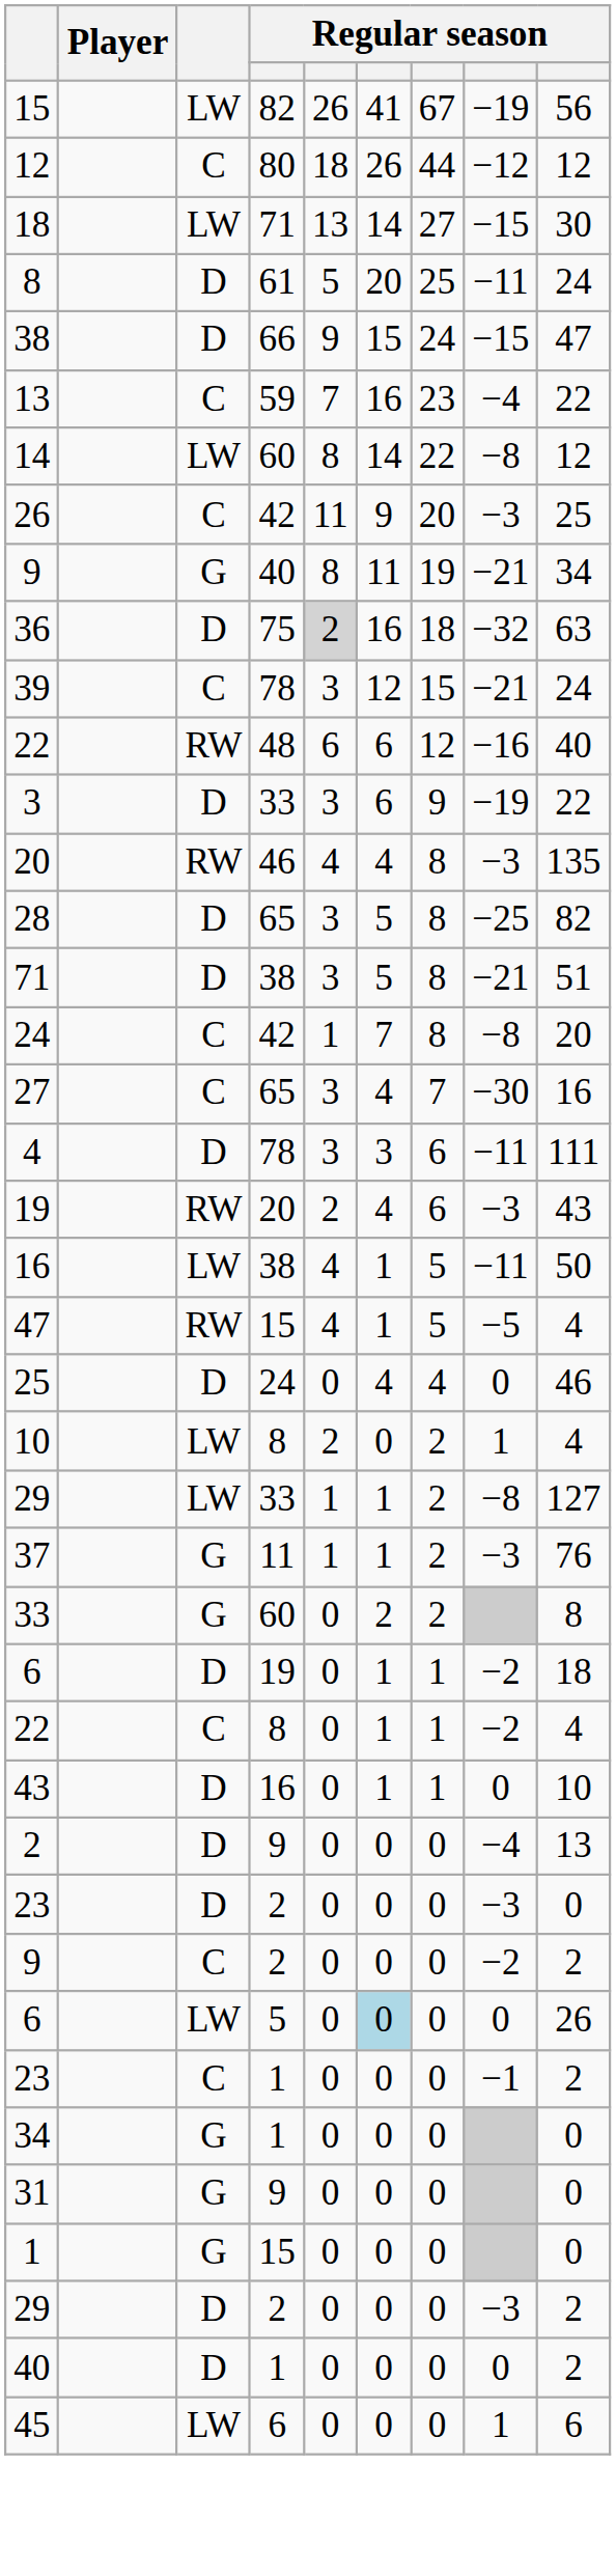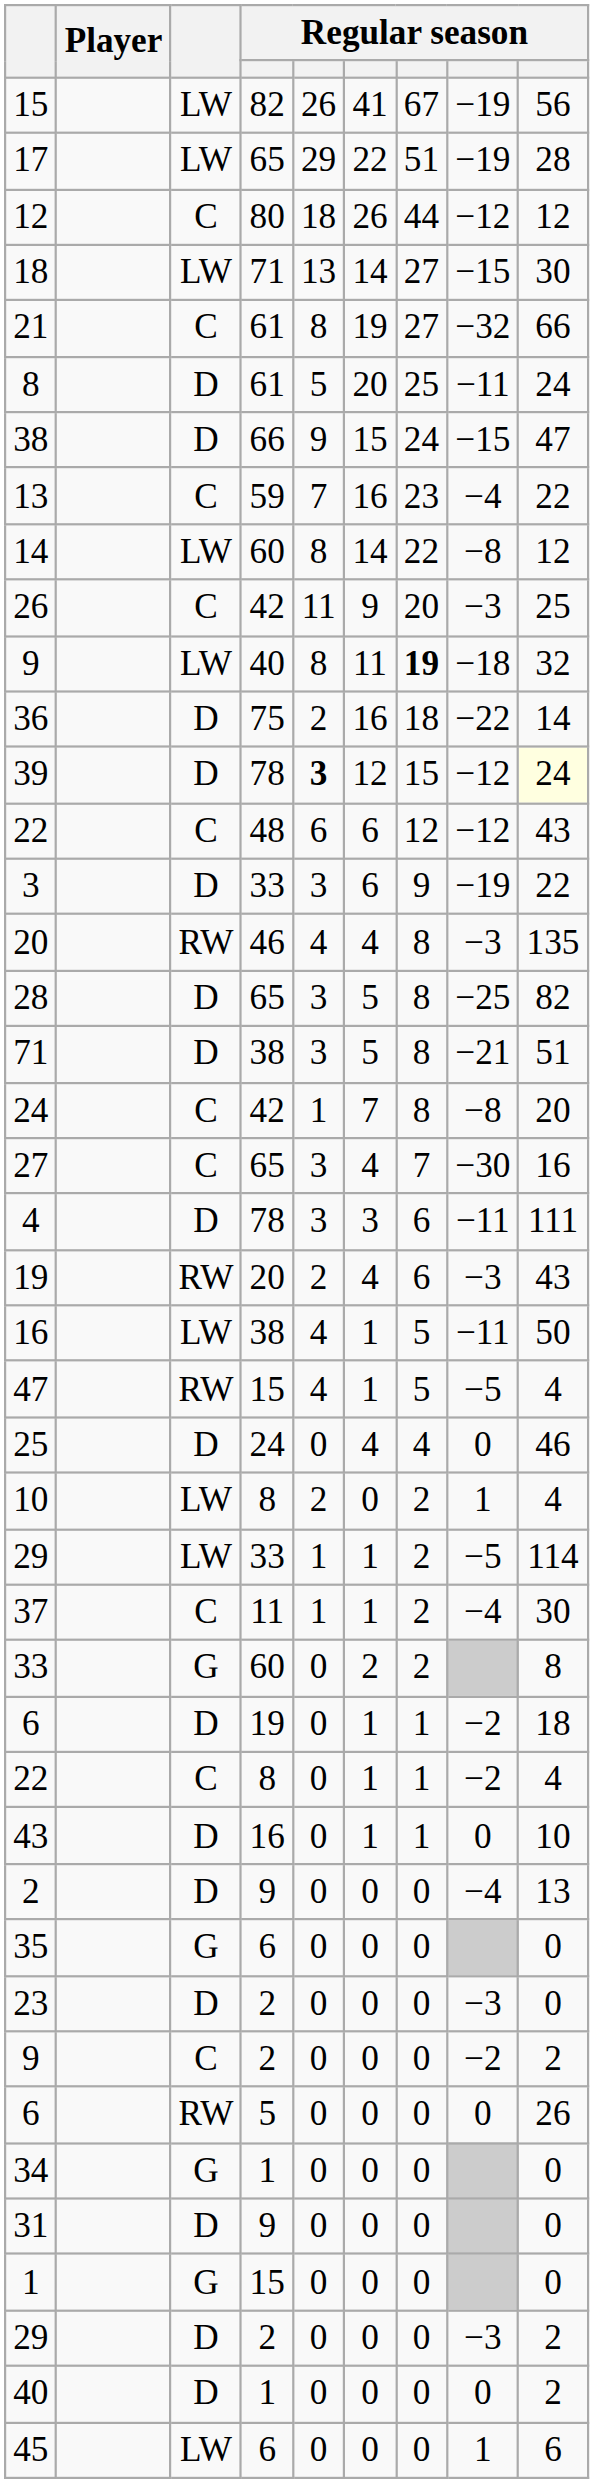 <table class="wikitable sortable plainrowheaders" style="text-align:center;">
 <tr>
 <th scope="col" data-sort-type="number" rowspan="2"></th>
 <th scope="col" rowspan="2">Player</th>
 <th scope="col" rowspan="2"></th>
 <th scope=colgroup colspan=6>Regular season</th>
 </tr>
 <tr>
 <th scope="col" data-sort-type="number"></th>
 <th scope="col" data-sort-type="number"></th>
 <th scope="col" data-sort-type="number"></th>
 <th scope="col" data-sort-type="number"></th>
 <th scope="col" data-sort-type="number"></th>
 <th scope="col" data-sort-type="number"></th>
 </tr>
 <tr>
 <td scope="row">15</td>
 <td align="left"></td>
 <td>LW</td>
 <td>82</td>
 <td>26</td>
 <td>41</td>
 <td>67</td>
 <td>−19</td>
 <td>56</td>
 </tr>
 <tr>
+<td scope="row">17</td>
+<td align="left"></td>
+<td>LW</td>
+<td>65</td>
+<td>29</td>
+<td>22</td>
+<td>51</td>
+<td>−19</td>
+<td>28</td>
+</tr>
+<tr>
 <td scope="row">12</td>
 <td align="left"></td>
 <td>C</td>
 <td>80</td>
 <td>18</td>
 <td>26</td>
 <td>44</td>
 <td>−12</td>
 <td>12</td>
 </tr>
 <tr>
 <td scope="row">18</td>
 <td align="left"></td>
 <td>LW</td>
 <td>71</td>
 <td>13</td>
 <td>14</td>
 <td>27</td>
 <td>−15</td>
 <td>30</td>
+</tr>
+<tr>
+<td scope="row">21</td>
+<td align="left"></td>
+<td>C</td>
+<td>61</td>
+<td>8</td>
+<td>19</td>
+<td>27</td>
+<td>−32</td>
+<td>66</td>
 </tr>
 <tr>
 <td scope="row">8</td>
 <td align="left"></td>
 <td>D</td>
 <td>61</td>
 <td>5</td>
 <td>20</td>
 <td>25</td>
 <td>−11</td>
 <td>24</td>
 </tr>
 <tr>
 <td scope="row">38</td>
 <td align="left"></td>
 <td>D</td>
 <td>66</td>
 <td>9</td>
 <td>15</td>
 <td>24</td>
 <td>−15</td>
 <td>47</td>
 </tr>
 <tr>
 <td scope="row">13</td>
 <td align="left"></td>
 <td>C</td>
 <td>59</td>
 <td>7</td>
 <td>16</td>
 <td>23</td>
 <td>−4</td>
 <td>22</td>
 </tr>
 <tr>
 <td scope="row">14</td>
 <td align="left"></td>
 <td>LW</td>
 <td>60</td>
 <td>8</td>
 <td>14</td>
 <td>22</td>
 <td>−8</td>
 <td>12</td>
 </tr>
 <tr>
 <td scope="row">26</td>
 <td align="left"></td>
 <td>C</td>
 <td>42</td>
 <td>11</td>
 <td>9</td>
 <td>20</td>
 <td>−3</td>
 <td>25</td>
 </tr>
 <tr>
 <td scope="row">9</td>
 <td align="left"></td>
-<td>G</td>
+<td>LW</td>
 <td>40</td>
 <td>8</td>
 <td>11</td>
-<td>19</td>
-<td>−21</td>
-<td>34</td>
+<td><strong>19</strong></td>
+<td>−18</td>
+<td>32</td>
 </tr>
 <tr>
 <td scope="row">36</td>
 <td align="left"></td>
 <td>D</td>
 <td>75</td>
-<td style="background: lightgrey;">2</td>
+<td>2</td>
 <td>16</td>
 <td>18</td>
-<td>−32</td>
-<td>63</td>
+<td>−22</td>
+<td>14</td>
 </tr>
 <tr>
 <td scope="row">39</td>
 <td align="left"></td>
-<td>C</td>
+<td>D</td>
 <td>78</td>
-<td>3</td>
+<td><strong>3</strong></td>
 <td>12</td>
 <td>15</td>
-<td>−21</td>
-<td>24</td>
+<td>−12</td>
+<td style="background: lightyellow;">24</td>
 </tr>
 <tr>
 <td scope="row">22</td>
 <td align="left"></td>
-<td>RW</td>
+<td>C</td>
 <td>48</td>
 <td>6</td>
 <td>6</td>
 <td>12</td>
-<td>−16</td>
-<td>40</td>
+<td>−12</td>
+<td>43</td>
 </tr>
 <tr>
 <td scope="row">3</td>
 <td align="left"></td>
 <td>D</td>
 <td>33</td>
 <td>3</td>
 <td>6</td>
 <td>9</td>
 <td>−19</td>
 <td>22</td>
 </tr>
 <tr>
 <td scope="row">20</td>
 <td align="left"></td>
 <td>RW</td>
 <td>46</td>
 <td>4</td>
 <td>4</td>
 <td>8</td>
 <td>−3</td>
 <td>135</td>
 </tr>
 <tr>
 <td scope="row">28</td>
 <td align="left"></td>
 <td>D</td>
 <td>65</td>
 <td>3</td>
 <td>5</td>
 <td>8</td>
 <td>−25</td>
 <td>82</td>
 </tr>
 <tr>
 <td scope="row">71</td>
 <td align="left"></td>
 <td>D</td>
 <td>38</td>
 <td>3</td>
 <td>5</td>
 <td>8</td>
 <td>−21</td>
 <td>51</td>
 </tr>
 <tr>
 <td scope="row">24</td>
 <td align="left"></td>
 <td>C</td>
 <td>42</td>
 <td>1</td>
 <td>7</td>
 <td>8</td>
 <td>−8</td>
 <td>20</td>
 </tr>
 <tr>
 <td scope="row">27</td>
 <td align="left"></td>
 <td>C</td>
 <td>65</td>
 <td>3</td>
 <td>4</td>
 <td>7</td>
 <td>−30</td>
 <td>16</td>
 </tr>
 <tr>
 <td scope="row">4</td>
 <td align="left"></td>
 <td>D</td>
 <td>78</td>
 <td>3</td>
 <td>3</td>
 <td>6</td>
 <td>−11</td>
 <td>111</td>
 </tr>
 <tr>
 <td scope="row">19</td>
 <td align="left"></td>
 <td>RW</td>
 <td>20</td>
 <td>2</td>
 <td>4</td>
 <td>6</td>
 <td>−3</td>
 <td>43</td>
 </tr>
 <tr>
 <td scope="row">16</td>
 <td align="left"></td>
 <td>LW</td>
 <td>38</td>
 <td>4</td>
 <td>1</td>
 <td>5</td>
 <td>−11</td>
 <td>50</td>
 </tr>
 <tr>
 <td scope="row">47</td>
 <td align="left"></td>
 <td>RW</td>
 <td>15</td>
 <td>4</td>
 <td>1</td>
 <td>5</td>
 <td>−5</td>
 <td>4</td>
 </tr>
 <tr>
 <td scope="row">25</td>
 <td align="left"></td>
 <td>D</td>
 <td>24</td>
 <td>0</td>
 <td>4</td>
 <td>4</td>
 <td>0</td>
 <td>46</td>
 </tr>
 <tr>
 <td scope="row">10</td>
 <td align="left"></td>
 <td>LW</td>
 <td>8</td>
 <td>2</td>
 <td>0</td>
 <td>2</td>
 <td>1</td>
 <td>4</td>
 </tr>
 <tr>
 <td scope="row">29</td>
 <td align="left"></td>
 <td>LW</td>
 <td>33</td>
 <td>1</td>
 <td>1</td>
 <td>2</td>
-<td>−8</td>
-<td>127</td>
+<td>−5</td>
+<td>114</td>
 </tr>
 <tr>
 <td scope="row">37</td>
 <td align="left"></td>
-<td>G</td>
+<td>C</td>
 <td>11</td>
 <td>1</td>
 <td>1</td>
 <td>2</td>
-<td>−3</td>
-<td>76</td>
+<td>−4</td>
+<td>30</td>
 </tr>
 <tr>
 <td scope="row">33</td>
 <td align="left"></td>
 <td>G</td>
 <td>60</td>
 <td>0</td>
 <td>2</td>
 <td>2</td>
 <td style="background:#ccc"></td>
 <td>8</td>
 </tr>
 <tr>
 <td scope="row">6</td>
 <td align="left"></td>
 <td>D</td>
 <td>19</td>
 <td>0</td>
 <td>1</td>
 <td>1</td>
 <td>−2</td>
 <td>18</td>
 </tr>
 <tr>
 <td scope="row">22</td>
 <td align="left"></td>
 <td>C</td>
 <td>8</td>
 <td>0</td>
 <td>1</td>
 <td>1</td>
 <td>−2</td>
 <td>4</td>
 </tr>
 <tr>
 <td scope="row">43</td>
 <td align="left"></td>
 <td>D</td>
 <td>16</td>
 <td>0</td>
 <td>1</td>
 <td>1</td>
 <td>0</td>
 <td>10</td>
 </tr>
 <tr>
 <td scope="row">2</td>
 <td align="left"></td>
 <td>D</td>
 <td>9</td>
 <td>0</td>
 <td>0</td>
 <td>0</td>
 <td>−4</td>
 <td>13</td>
 </tr>
 <tr>
+<td scope="row">35</td>
+<td align="left"></td>
+<td>G</td>
+<td>6</td>
+<td>0</td>
+<td>0</td>
+<td>0</td>
+<td style="background:#ccc"></td>
+<td>0</td>
+</tr>
+<tr>
 <td scope="row">23</td>
 <td align="left"></td>
 <td>D</td>
 <td>2</td>
 <td>0</td>
 <td>0</td>
 <td>0</td>
 <td>−3</td>
 <td>0</td>
 </tr>
 <tr>
 <td scope="row">9</td>
 <td align="left"></td>
 <td>C</td>
 <td>2</td>
 <td>0</td>
 <td>0</td>
 <td>0</td>
 <td>−2</td>
 <td>2</td>
 </tr>
 <tr>
 <td scope="row">6</td>
 <td align="left"></td>
-<td>LW</td>
+<td>RW</td>
 <td>5</td>
 <td>0</td>
-<td style="background: lightblue;">0</td>
+<td>0</td>
 <td>0</td>
 <td>0</td>
 <td>26</td>
-</tr>
-<tr>
-<td scope="row">23</td>
-<td align="left"></td>
-<td>C</td>
-<td>1</td>
-<td>0</td>
-<td>0</td>
-<td>0</td>
-<td>−1</td>
-<td>2</td>
 </tr>
 <tr>
 <td scope="row">34</td>
 <td align="left"></td>
 <td>G</td>
 <td>1</td>
 <td>0</td>
 <td>0</td>
 <td>0</td>
 <td style="background:#ccc"></td>
 <td>0</td>
 </tr>
 <tr>
 <td scope="row">31</td>
 <td align="left"></td>
-<td>G</td>
+<td>D</td>
 <td>9</td>
 <td>0</td>
 <td>0</td>
 <td>0</td>
 <td style="background:#ccc"></td>
 <td>0</td>
 </tr>
 <tr>
 <td scope="row">1</td>
 <td align="left"></td>
 <td>G</td>
 <td>15</td>
 <td>0</td>
 <td>0</td>
 <td>0</td>
 <td style="background:#ccc"></td>
 <td>0</td>
 </tr>
 <tr>
 <td scope="row">29</td>
 <td align="left"></td>
 <td>D</td>
 <td>2</td>
 <td>0</td>
 <td>0</td>
 <td>0</td>
 <td>−3</td>
 <td>2</td>
 </tr>
 <tr>
 <td scope="row">40</td>
 <td align="left"></td>
 <td>D</td>
 <td>1</td>
 <td>0</td>
 <td>0</td>
 <td>0</td>
 <td>0</td>
 <td>2</td>
 </tr>
 <tr>
 <td scope="row">45</td>
 <td align="left"></td>
 <td>LW</td>
 <td>6</td>
 <td>0</td>
 <td>0</td>
 <td>0</td>
 <td>1</td>
 <td>6</td>
 </tr>
 </table>
